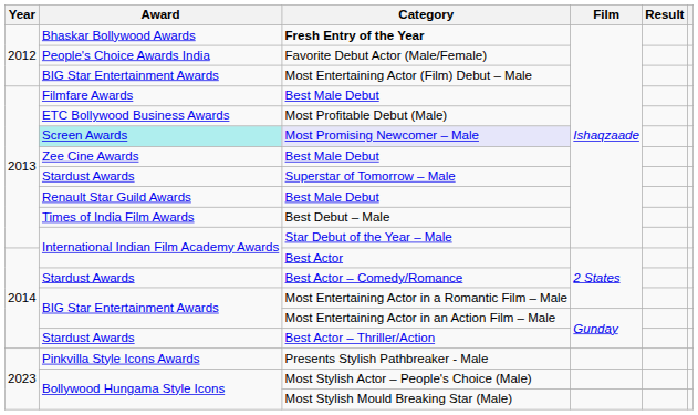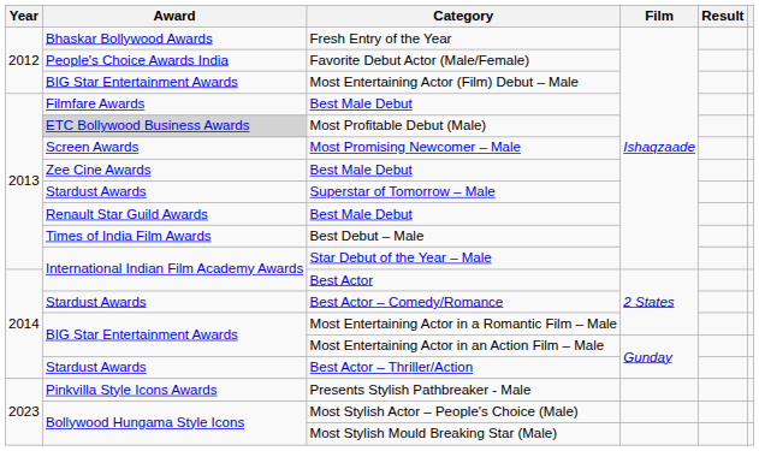 <table class="wikitable sortable">
 <tr>
 <th>Year</th>
 <th>Award</th>
 <th>Category</th>
 <th>Film</th>
 <th>Result</th>
 <th></th>
 </tr>
 <tr>
 <td rowspan="3">2012</td>
 <td><a href='#'>Bhaskar Bollywood Awards</a></td>
-<td><strong>Fresh Entry of the Year</strong></td>
+<td>Fresh Entry of the Year</td>
 <td rowspan="11"><em><a href='#'>Ishaqzaade</a></em></td>
 <td></td>
 <td></td>
 </tr>
 <tr>
 <td><a href='#'>People's Choice Awards India</a></td>
 <td>Favorite Debut Actor (Male/Female)</td>
 <td></td>
 <td></td>
 </tr>
 <tr>
 <td><a href='#'>BIG Star Entertainment Awards</a></td>
 <td>Most Entertaining Actor (Film) Debut – Male</td>
 <td></td>
 <td></td>
 </tr>
 <tr>
 <td rowspan="8">2013</td>
 <td><a href='#'>Filmfare Awards</a></td>
 <td><a href='#'>Best Male Debut</a></td>
 <td></td>
 <td></td>
 </tr>
 <tr>
-<td><a href='#'>ETC Bollywood Business Awards</a></td>
+<td style="background: lightgrey;"><a href='#'>ETC Bollywood Business Awards</a></td>
 <td>Most Profitable Debut (Male)</td>
 <td></td>
 <td></td>
 </tr>
 <tr>
-<td style="background: paleturquoise;"><a href='#'>Screen Awards</a></td>
-<td style="background: lavender;"><a href='#'>Most Promising Newcomer – Male</a></td>
+<td><a href='#'>Screen Awards</a></td>
+<td><a href='#'>Most Promising Newcomer – Male</a></td>
 <td></td>
 <td></td>
 </tr>
 <tr>
 <td><a href='#'>Zee Cine Awards</a></td>
 <td><a href='#'>Best Male Debut</a></td>
 <td></td>
 <td></td>
 </tr>
 <tr>
 <td><a href='#'>Stardust Awards</a></td>
 <td><a href='#'>Superstar of Tomorrow – Male</a></td>
 <td></td>
 <td></td>
 </tr>
 <tr>
 <td><a href='#'>Renault Star Guild Awards</a></td>
 <td><a href='#'>Best Male Debut</a></td>
 <td></td>
 <td></td>
 </tr>
 <tr>
 <td><a href='#'>Times of India Film Awards</a></td>
 <td>Best Debut – Male</td>
 <td></td>
 <td></td>
 </tr>
 <tr>
 <td rowspan="2"><a href='#'>International Indian Film Academy Awards</a></td>
 <td><a href='#'>Star Debut of the Year – Male</a></td>
 <td></td>
 <td></td>
 </tr>
 <tr>
 <td rowspan="5">2014</td>
 <td><a href='#'>Best Actor</a></td>
 <td rowspan="3"><em><a href='#'>2 States</a></em></td>
 <td></td>
 <td></td>
 </tr>
 <tr>
 <td><a href='#'>Stardust Awards</a></td>
 <td><a href='#'>Best Actor – Comedy/Romance</a></td>
 <td></td>
 <td></td>
 </tr>
 <tr>
 <td rowspan="2"><a href='#'>BIG Star Entertainment Awards</a></td>
 <td>Most Entertaining Actor in a Romantic Film – Male</td>
 <td></td>
 <td></td>
 </tr>
 <tr>
 <td>Most Entertaining Actor in an Action Film – Male</td>
 <td rowspan="2"><em><a href='#'>Gunday</a></em></td>
 <td></td>
 <td></td>
 </tr>
 <tr>
 <td><a href='#'>Stardust Awards</a></td>
 <td><a href='#'>Best Actor – Thriller/Action</a></td>
 <td></td>
 <td></td>
 </tr>
 <tr>
 <td rowspan="3">2023</td>
 <td><a href='#'>Pinkvilla Style Icons Awards</a></td>
 <td>Presents Stylish Pathbreaker - Male</td>
 <td></td>
 <td></td>
 <td></td>
 </tr>
 <tr>
 <td rowspan="2"><a href='#'>Bollywood Hungama Style Icons</a></td>
 <td>Most Stylish Actor – People's Choice (Male)</td>
 <td></td>
 <td></td>
 <td></td>
 </tr>
 <tr>
 <td>Most Stylish Mould Breaking Star (Male)</td>
 <td></td>
 <td></td>
 <td></td>
 </tr>
 </table>
